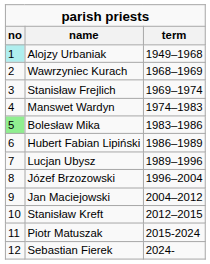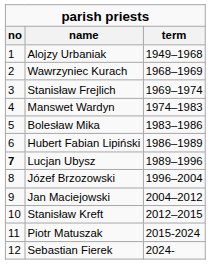 <table class=wikitable style="text-align:left; font-size:11px; float:right; margin:5px">
 <tr style="font-size: small;">
 <td colspan="12" style="text-align:center;"><strong>parish priests</strong></td>
 </tr>
 <tr>
 <th>no</th>
 <th>name</th>
 <th>term</th>
 </tr>
 <tr>
-<td style="background: paleturquoise;">1</td>
+<td>1</td>
 <td>Alojzy Urbaniak</td>
 <td>1949–1968</td>
 </tr>
 <tr>
 <td>2</td>
 <td>Wawrzyniec Kurach</td>
 <td>1968–1969</td>
 </tr>
 <tr>
 <td>3</td>
 <td>Stanisław Frejlich</td>
 <td>1969–1974</td>
 </tr>
 <tr>
 <td>4</td>
 <td>Manswet Wardyn</td>
 <td>1974–1983</td>
 </tr>
 <tr>
-<td style="background: lightgreen;">5</td>
+<td>5</td>
 <td>Bolesław Mika</td>
 <td>1983–1986</td>
 </tr>
 <tr>
 <td>6</td>
 <td>Hubert Fabian Lipiński</td>
 <td>1986–1989</td>
 </tr>
 <tr>
-<td>7</td>
+<td><strong>7</strong></td>
 <td>Lucjan Ubysz</td>
 <td>1989–1996</td>
 </tr>
 <tr>
 <td>8</td>
 <td>Józef Brzozowski</td>
 <td>1996–2004</td>
 </tr>
 <tr>
 <td>9</td>
 <td>Jan Maciejowski</td>
 <td>2004–2012</td>
 </tr>
 <tr>
 <td>10</td>
 <td>Stanisław Kreft</td>
 <td>2012–2015</td>
 </tr>
 <tr>
 <td>11</td>
 <td>Piotr Matuszak</td>
 <td>2015-2024</td>
 </tr>
 <tr>
 <td>12</td>
 <td>Sebastian Fierek</td>
 <td>2024-</td>
 </tr>
 </table>
